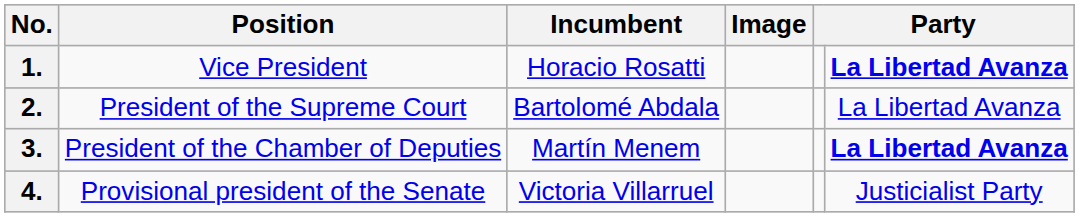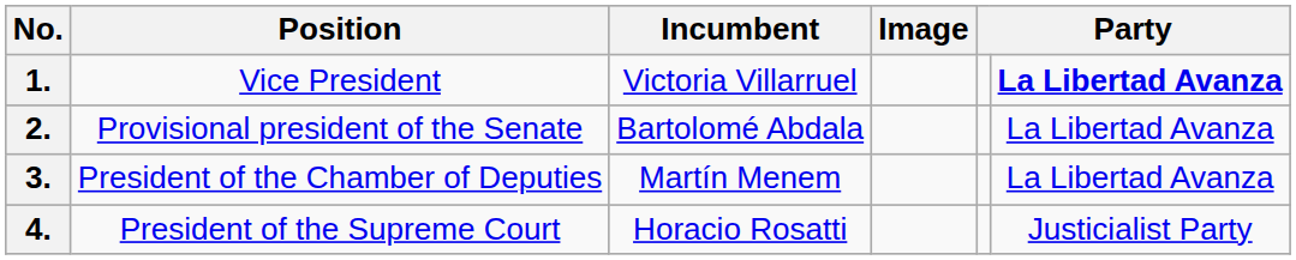 <table class="wikitable" style="text-align:center;">
 <tr>
 <th>No.</th>
 <th>Position</th>
 <th>Incumbent</th>
 <th>Image</th>
 <th colspan="2">Party</th>
 </tr>
 <tr>
 <th>1.</th>
 <td><a href='#'>Vice President</a></td>
-<td><a href='#'>Horacio Rosatti</a></td>
+<td><a href='#'>Victoria Villarruel</a></td>
 <td></td>
 <td style="background:"></td>
 <td><strong><a href='#'>La Libertad Avanza</a></strong></td>
 </tr>
 <tr>
 <th>2.</th>
-<td><a href='#'>President of the Supreme Court</a></td>
+<td><a href='#'>Provisional president of the Senate</a></td>
 <td><a href='#'>Bartolomé Abdala</a></td>
 <td></td>
 <td bgcolor=></td>
 <td><a href='#'>La Libertad Avanza</a></td>
 </tr>
 <tr>
 <th>3.</th>
 <td><a href='#'>President of the Chamber of Deputies</a></td>
 <td><a href='#'>Martín Menem</a></td>
 <td></td>
 <td bgcolor=></td>
-<td><strong><a href='#'>La Libertad Avanza</a></strong></td>
+<td><a href='#'>La Libertad Avanza</a></td>
 </tr>
 <tr>
 <th>4.</th>
-<td><a href='#'>Provisional president of the Senate</a></td>
-<td><a href='#'>Victoria Villarruel</a></td>
+<td><a href='#'>President of the Supreme Court</a></td>
+<td><a href='#'>Horacio Rosatti</a></td>
 <td></td>
 <td bgcolor=></td>
 <td><a href='#'>Justicialist Party</a></td>
 </tr>
 </table>
